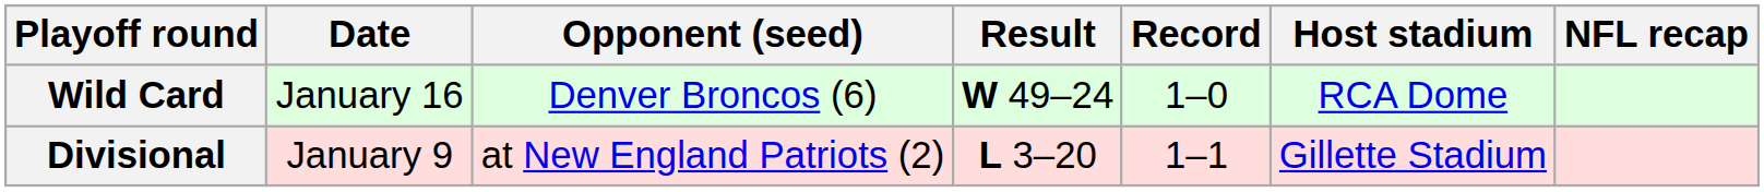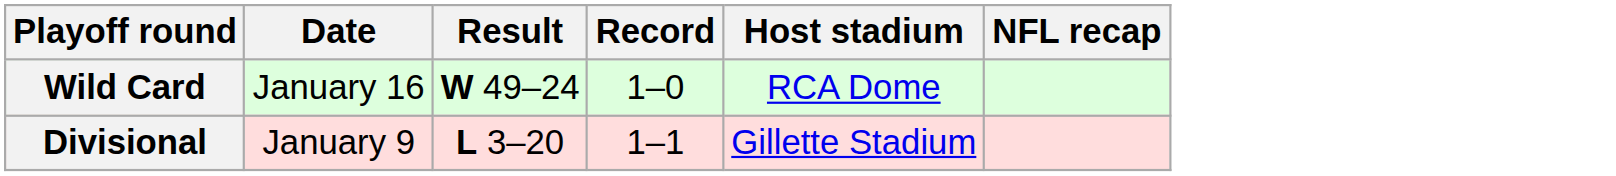 <table class="wikitable" style="text-align:center;">
 <tr>
 <th>Playoff round</th>
 <th>Date</th>
-<th>Opponent (seed)</th>
 <th>Result</th>
 <th>Record</th>
 <th>Host stadium</th>
 <th>NFL recap</th>
 </tr>
 <tr style="background: #ddffdd;" align="center">
 <th>Wild Card</th>
 <td>January 16</td>
-<td><a href='#'>Denver Broncos</a> (6)</td>
 <td><strong>W</strong> 49–24</td>
 <td>1–0</td>
 <td><a href='#'>RCA Dome</a></td>
 <td></td>
 </tr>
 <tr style="background: #ffdddd;" align="center">
 <th>Divisional</th>
 <td>January 9</td>
-<td>at <a href='#'>New England Patriots</a> (2)</td>
 <td><strong>L</strong> 3–20</td>
 <td>1–1</td>
 <td><a href='#'>Gillette Stadium</a></td>
 <td></td>
 </tr>
 </table>
